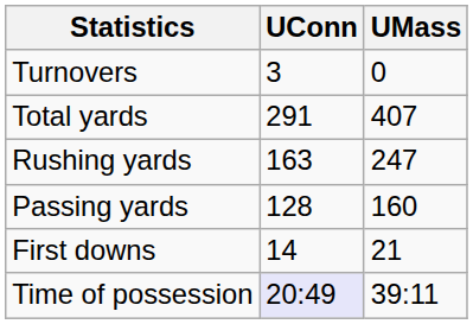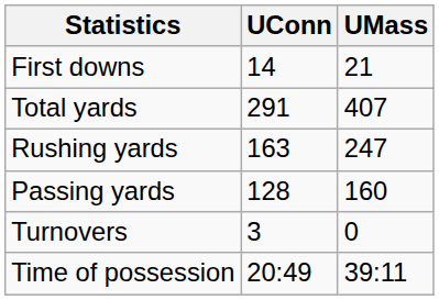 <table class="wikitable">
 <tr>
 <th>Statistics</th>
 <th>UConn</th>
 <th>UMass</th>
 </tr>
 <tr>
-<td>Turnovers</td>
-<td>3</td>
-<td>0</td>
+<td>First downs</td>
+<td>14</td>
+<td>21</td>
 </tr>
 <tr>
 <td>Total yards</td>
 <td>291</td>
 <td>407</td>
 </tr>
 <tr>
 <td>Rushing yards</td>
 <td>163</td>
 <td>247</td>
 </tr>
 <tr>
 <td>Passing yards</td>
 <td>128</td>
 <td>160</td>
 </tr>
 <tr>
-<td>First downs</td>
-<td>14</td>
-<td>21</td>
+<td>Turnovers</td>
+<td>3</td>
+<td>0</td>
 </tr>
 <tr>
 <td>Time of possession</td>
-<td style="background: lavender;">20:49</td>
+<td>20:49</td>
 <td>39:11</td>
 </tr>
 </table>
